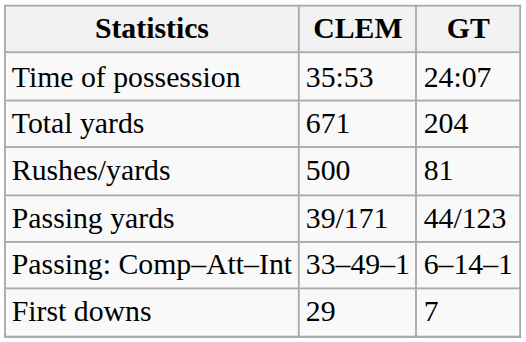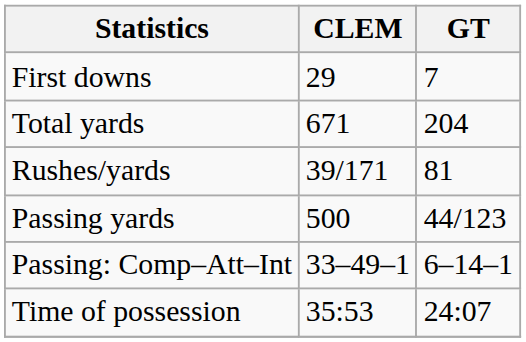 <table class="wikitable" style="float: left;">
 <tr>
 <th>Statistics</th>
 <th>CLEM</th>
 <th>GT</th>
 </tr>
 <tr>
-<td>Time of possession</td>
-<td>35:53</td>
-<td>24:07</td>
+<td>First downs</td>
+<td>29</td>
+<td>7</td>
 </tr>
 <tr>
 <td>Total yards</td>
 <td>671</td>
 <td>204</td>
 </tr>
 <tr>
 <td>Rushes/yards</td>
-<td>500</td>
+<td>39/171</td>
 <td>81</td>
 </tr>
 <tr>
 <td>Passing yards</td>
-<td>39/171</td>
+<td>500</td>
 <td>44/123</td>
 </tr>
 <tr>
 <td>Passing: Comp–Att–Int</td>
 <td>33–49–1</td>
 <td>6–14–1</td>
 </tr>
 <tr>
-<td>First downs</td>
-<td>29</td>
-<td>7</td>
+<td>Time of possession</td>
+<td>35:53</td>
+<td>24:07</td>
 </tr>
 <tr>
 </tr>
 </table>
